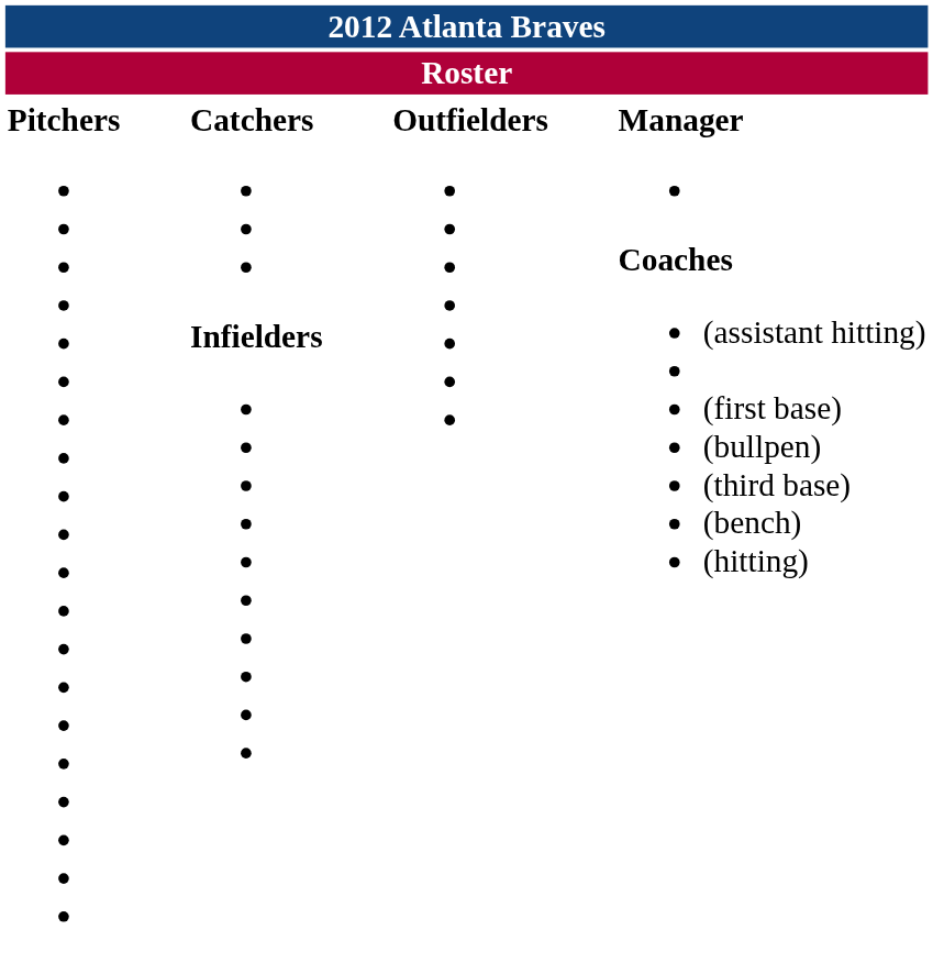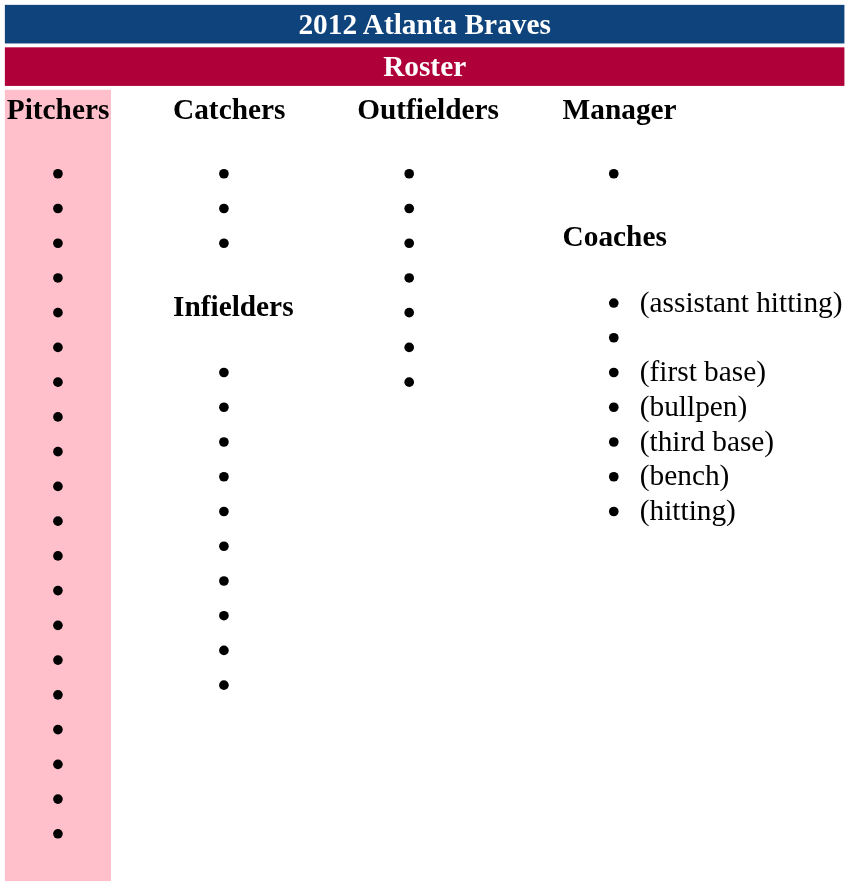 <table class="toccolours" style="font-size: 95%;">
 <tr>
 <th colspan="10" style="background:#0f437c; color:#fff; text-align:center;">2012 Atlanta Braves</th>
 </tr>
 <tr>
 <td colspan="10" style="background:#af0039; color:white; text-align:center;"><strong>Roster</strong></td>
 </tr>
 <tr>
-<td valign="top"><strong>Pitchers</strong><br><ul><li></li><li></li><li></li><li></li><li></li><li></li><li></li><li></li><li></li><li></li><li></li><li></li><li></li><li></li><li></li><li></li><li></li><li></li><li></li><li></li></ul></td>
+<td valign="top" style="background: pink;"><strong>Pitchers</strong><br><ul><li></li><li></li><li></li><li></li><li></li><li></li><li></li><li></li><li></li><li></li><li></li><li></li><li></li><li></li><li></li><li></li><li></li><li></li><li></li><li></li></ul></td>
 <td style="width:25px;"></td>
 <td valign="top"><strong>Catchers</strong><br><ul><li></li><li></li><li></li></ul><strong>Infielders</strong><ul><li></li><li></li><li></li><li></li><li></li><li></li><li></li><li></li><li></li><li></li></ul></td>
 <td style="width:25px;"></td>
 <td valign="top"><strong>Outfielders</strong><br><ul><li></li><li></li><li></li><li></li><li></li><li></li><li></li></ul></td>
 <td style="width:25px;"></td>
 <td valign="top"><strong>Manager</strong><br><ul><li></li></ul><strong>Coaches</strong><ul><li> (assistant hitting)</li><li></li><li> (first base)</li><li> (bullpen)</li><li> (third base)</li><li> (bench)</li><li> (hitting)</li></ul></td>
 </tr>
 </table>
